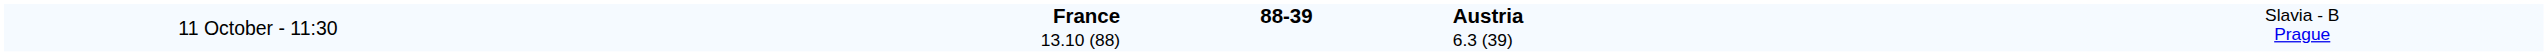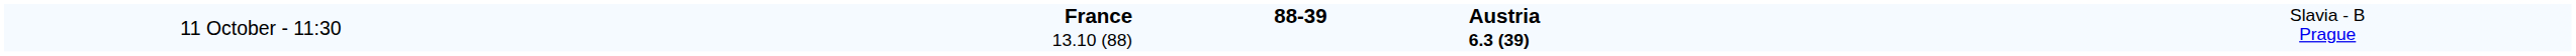 <table style="width: 100%; background:#F5FAFF;" cellspacing="0">
 <tr>
 <td style=font-size:95% align=center rowspan=3 width=20%>11 October - 11:30</td>
 </tr>
 <tr>
 <td width=24% align=right><strong>France</strong></td>
 <td align=center width=13%><strong>88-39</strong></td>
 <td width=24%><strong>Austria</strong></td>
 <td style=font-size:85% rowspan=3 valign=top align=center>Slavia - B <br><a href='#'>Prague</a></td>
 </tr>
 <tr style=font-size:85%>
 <td align=right>13.10 (88)</td>
 <td align=center></td>
-<td>6.3 (39)</td>
+<td><strong>6.3 (39)</strong></td>
 </tr>
 </table>
